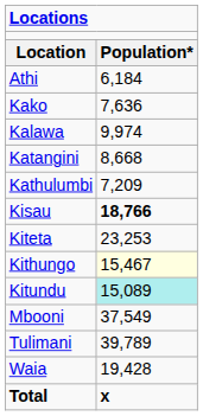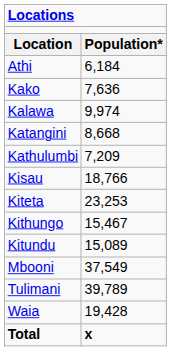 <table class="wikitable">
 <tr>
 <td colspan="2"><strong><a href='#'>Locations</a></strong></td>
 </tr>
 <tr>
 <td colspan="2"></td>
 </tr>
 <tr>
 <th>Location</th>
 <th>Population*</th>
 </tr>
 <tr>
 <td><a href='#'>Athi</a></td>
 <td>6,184</td>
 </tr>
 <tr>
 <td><a href='#'>Kako</a></td>
 <td>7,636</td>
 </tr>
 <tr>
 <td><a href='#'>Kalawa</a></td>
 <td>9,974</td>
 </tr>
 <tr>
 <td><a href='#'>Katangini</a></td>
 <td>8,668</td>
 </tr>
 <tr>
 <td><a href='#'>Kathulumbi</a></td>
 <td>7,209</td>
 </tr>
 <tr>
 <td><a href='#'>Kisau</a></td>
-<td><strong>18,766</strong></td>
+<td>18,766</td>
 </tr>
 <tr>
 <td><a href='#'>Kiteta</a></td>
 <td>23,253</td>
 </tr>
 <tr>
 <td><a href='#'>Kithungo</a></td>
-<td style="background: lightyellow;">15,467</td>
+<td>15,467</td>
 </tr>
 <tr>
 <td><a href='#'>Kitundu</a></td>
-<td style="background: paleturquoise;">15,089</td>
+<td>15,089</td>
 </tr>
 <tr>
 <td><a href='#'>Mbooni</a></td>
 <td>37,549</td>
 </tr>
 <tr>
 <td><a href='#'>Tulimani</a></td>
 <td>39,789</td>
 </tr>
 <tr>
 <td><a href='#'>Waia</a></td>
 <td>19,428</td>
 </tr>
 <tr>
 <td><strong>Total</strong></td>
 <td><strong>x</strong></td>
 </tr>
 </table>
